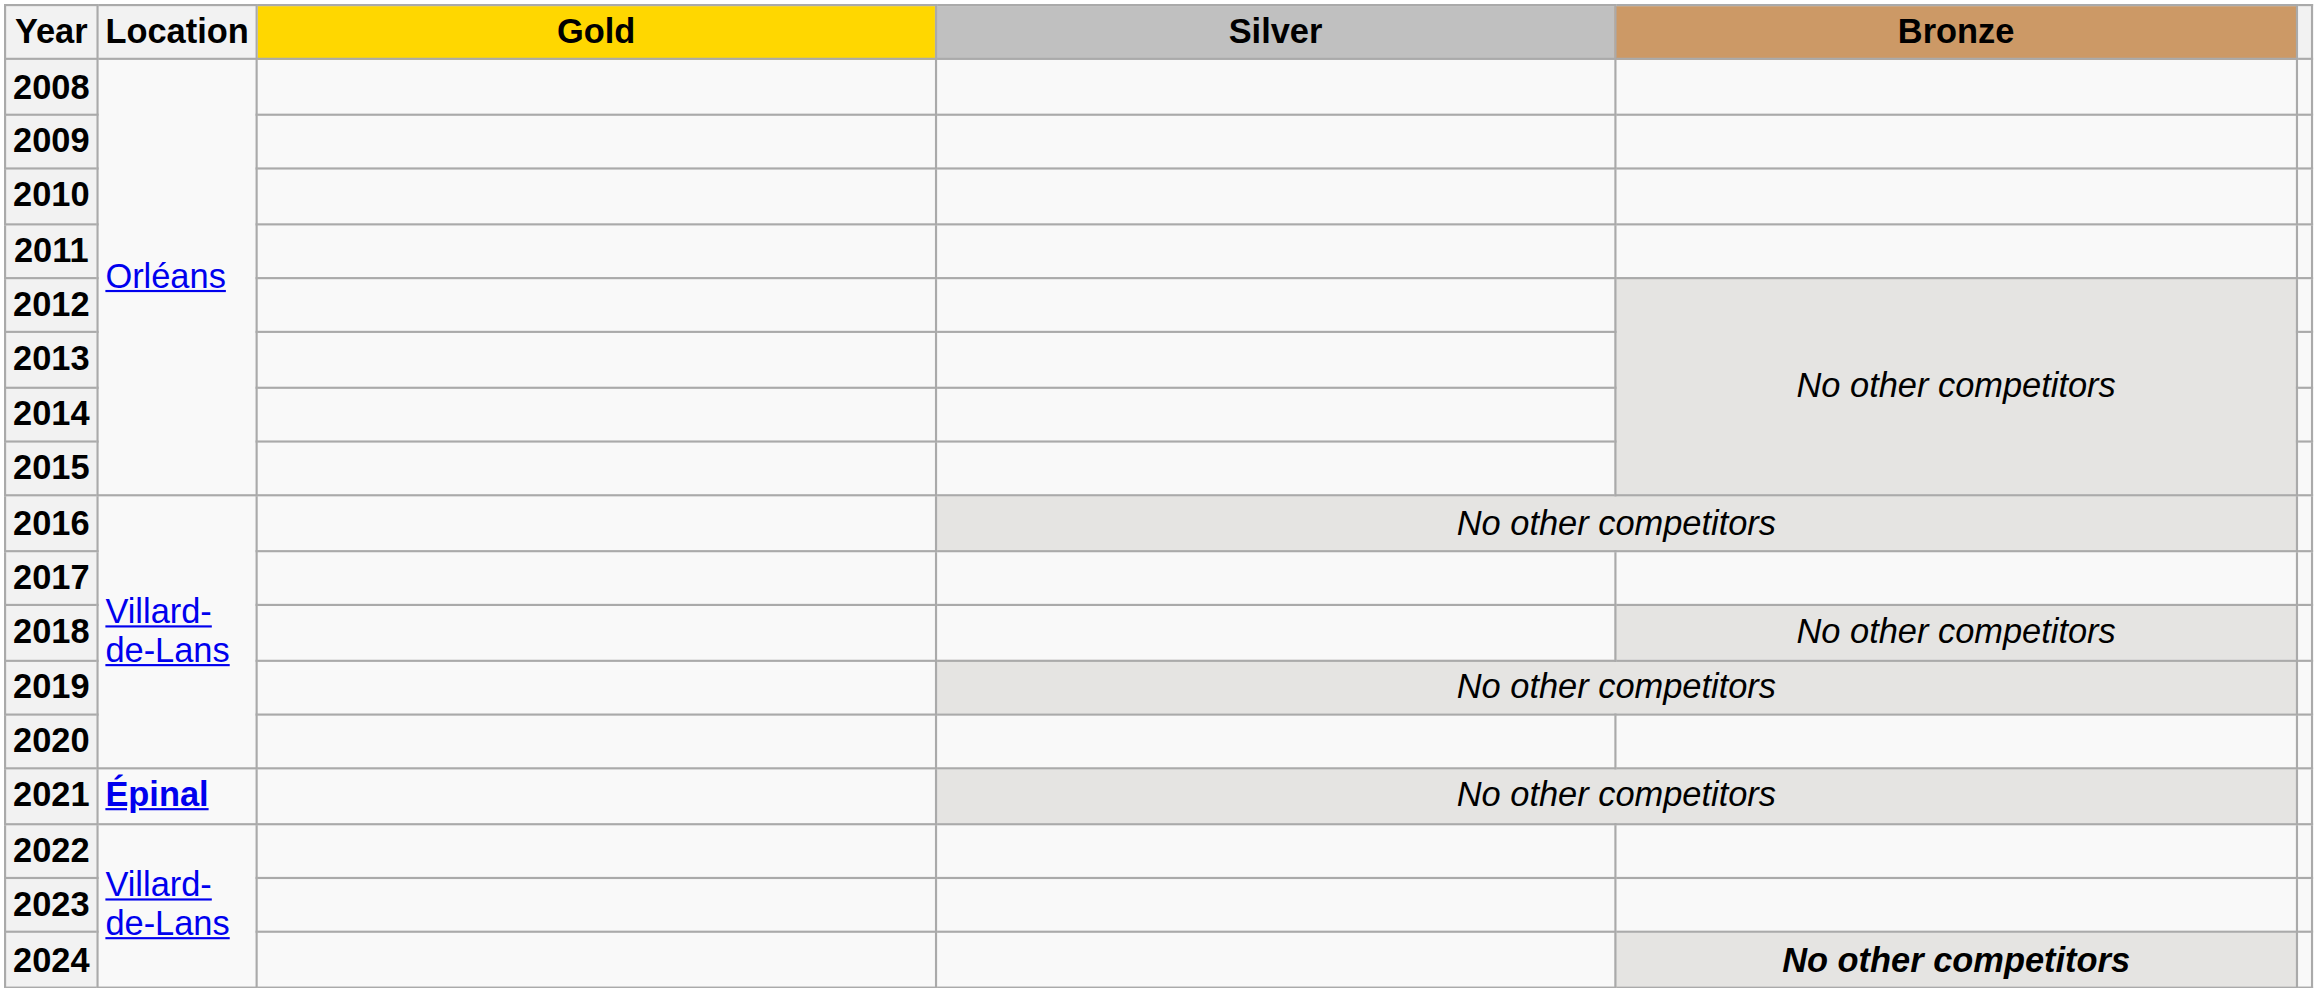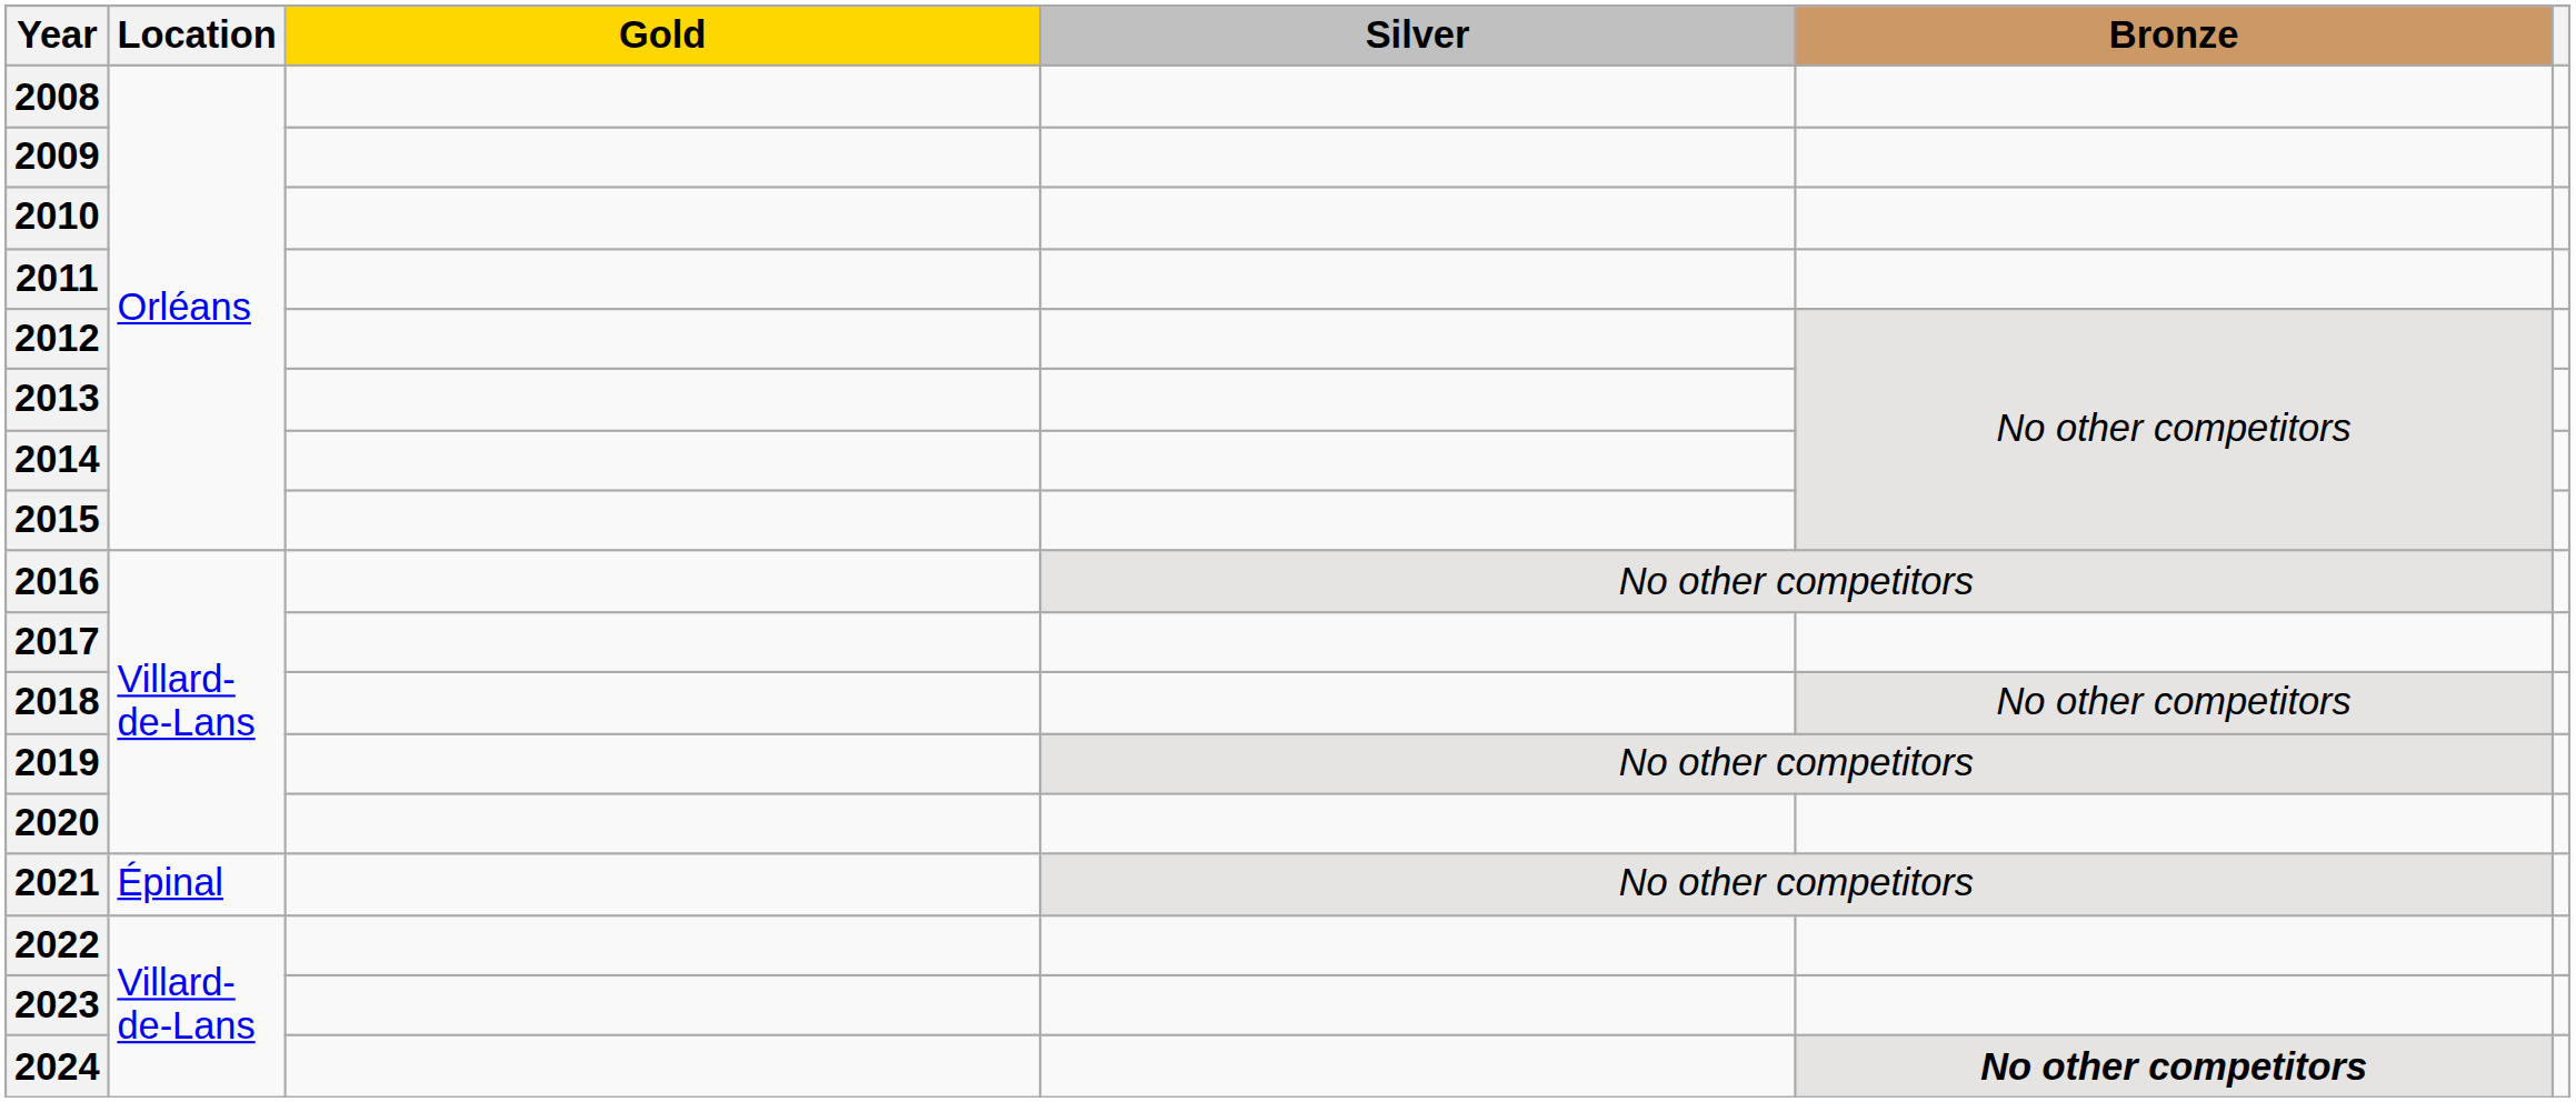 <table class="wikitable unsortable" style="text-align:left; width:85%">
 <tr>
 <th scope="col" style="text-align:center">Year</th>
 <th scope="col" style="text-align:center">Location</th>
 <td scope="col" style="text-align:center; width:30%; background:gold"><strong>Gold</strong></td>
 <td scope="col" style="text-align:center; width:30%; background:silver"><strong>Silver</strong></td>
 <td scope="col" style="text-align:center; width:30%; background:#c96"><strong>Bronze</strong></td>
 <th scope="col" style="text-align:center"></th>
 </tr>
 <tr>
 <th scope="row">2008</th>
 <td rowspan="8"><a href='#'>Orléans</a></td>
 <td></td>
 <td></td>
 <td></td>
 <td></td>
 </tr>
 <tr>
 <th scope="row">2009</th>
 <td></td>
 <td></td>
 <td></td>
 <td></td>
 </tr>
 <tr>
 <th scope="row">2010</th>
 <td></td>
 <td></td>
 <td></td>
 <td></td>
 </tr>
 <tr>
 <th scope="row">2011</th>
 <td></td>
 <td></td>
 <td></td>
 <td></td>
 </tr>
 <tr>
 <th scope="row">2012</th>
 <td></td>
 <td></td>
 <td rowspan="4" align="center" bgcolor="e5e4e2"><em>No other competitors</em></td>
 <td></td>
 </tr>
 <tr>
 <th scope="row">2013</th>
 <td></td>
 <td></td>
 <td></td>
 </tr>
 <tr>
 <th scope="row">2014</th>
 <td></td>
 <td></td>
 <td></td>
 </tr>
 <tr>
 <th scope="row">2015</th>
 <td></td>
 <td></td>
 <td></td>
 </tr>
 <tr>
 <th scope="row">2016</th>
 <td rowspan="5"><a href='#'>Villard-de-Lans</a></td>
 <td></td>
 <td colspan=2 align="center" bgcolor="e5e4e2"><em>No other competitors</em></td>
 <td></td>
 </tr>
 <tr>
 <th scope="row">2017</th>
 <td></td>
 <td></td>
 <td></td>
 <td></td>
 </tr>
 <tr>
 <th scope="row">2018</th>
 <td></td>
 <td></td>
 <td align="center" bgcolor="e5e4e2"><em>No other competitors</em></td>
 <td></td>
 </tr>
 <tr>
 <th scope="row">2019</th>
 <td></td>
 <td colspan="2" align="center" bgcolor="e5e4e2"><em>No other competitors</em></td>
 <td></td>
 </tr>
 <tr>
 <th scope="row">2020</th>
 <td></td>
 <td></td>
 <td></td>
 <td></td>
 </tr>
 <tr>
 <th scope="row">2021</th>
-<td><strong><a href='#'>Épinal</a></strong></td>
+<td><a href='#'>Épinal</a></td>
 <td></td>
 <td colspan="2" align=center align="center" bgcolor="e5e4e2"><em>No other competitors</em></td>
 <td></td>
 </tr>
 <tr>
 <th scope="row">2022</th>
 <td rowspan="3"><a href='#'>Villard-de-Lans</a></td>
 <td></td>
 <td></td>
 <td></td>
 <td></td>
 </tr>
 <tr>
 <th scope="row">2023</th>
 <td></td>
 <td></td>
 <td></td>
 <td></td>
 </tr>
 <tr>
 <th scope="row">2024</th>
 <td></td>
 <td></td>
 <td align=center align="center" bgcolor="e5e4e2"><strong><em>No other competitors</em></strong></td>
 <td></td>
 </tr>
 </table>
